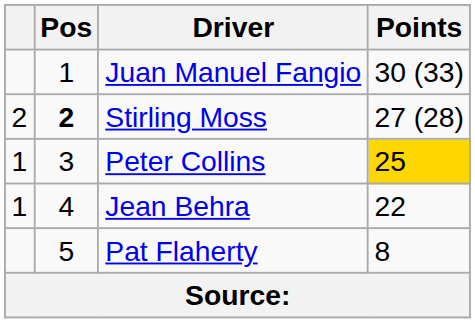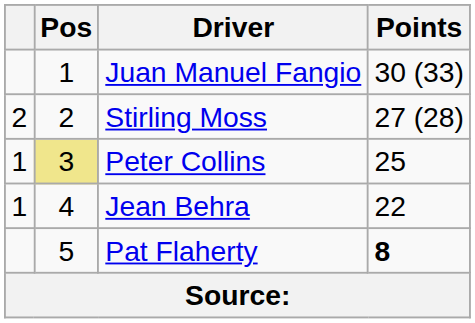 <table class="wikitable" style="font-size: 95%;">
 <tr>
 <th></th>
 <th>Pos</th>
 <th>Driver</th>
 <th>Points</th>
 </tr>
 <tr>
 <td align="left"></td>
 <td align="center">1</td>
 <td> <a href='#'>Juan Manuel Fangio</a></td>
 <td align="left">30 (33)</td>
 </tr>
 <tr>
 <td align="left"> 2</td>
-<td align="center"><strong>2</strong></td>
+<td align="center">2</td>
 <td> <a href='#'>Stirling Moss</a></td>
 <td align="left">27 (28)</td>
 </tr>
 <tr>
 <td align="left"> 1</td>
-<td align="center">3</td>
+<td align="center" style="background: khaki;">3</td>
 <td> <a href='#'>Peter Collins</a></td>
-<td align="left" style="background: gold;">25</td>
+<td align="left">25</td>
 </tr>
 <tr>
 <td align="left"> 1</td>
 <td align="center">4</td>
 <td> <a href='#'>Jean Behra</a></td>
 <td align="left">22</td>
 </tr>
 <tr>
 <td align="left"></td>
 <td align="center">5</td>
 <td> <a href='#'>Pat Flaherty</a></td>
-<td align="left">8</td>
+<td align="left"><strong>8</strong></td>
 </tr>
 <tr>
 <th colspan=4>Source: </th>
 </tr>
 </table>
